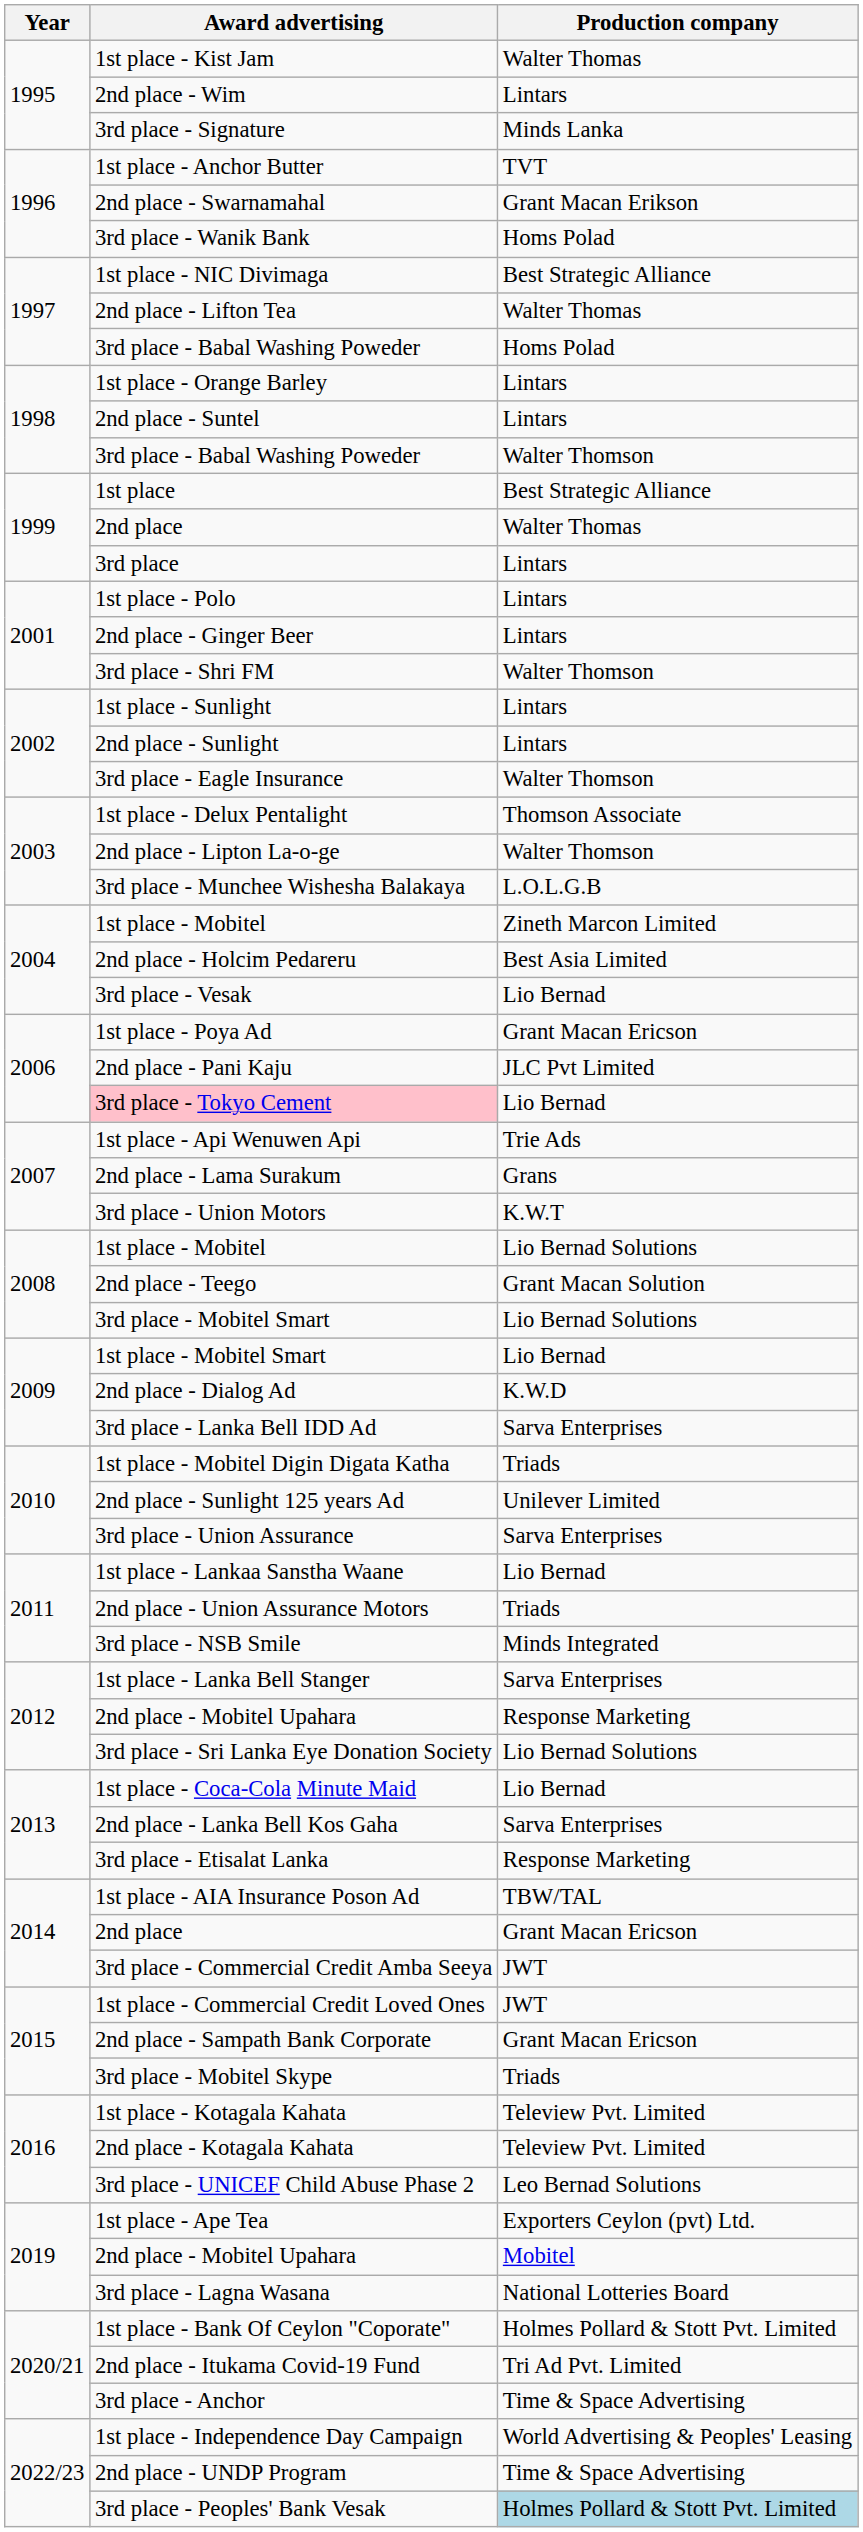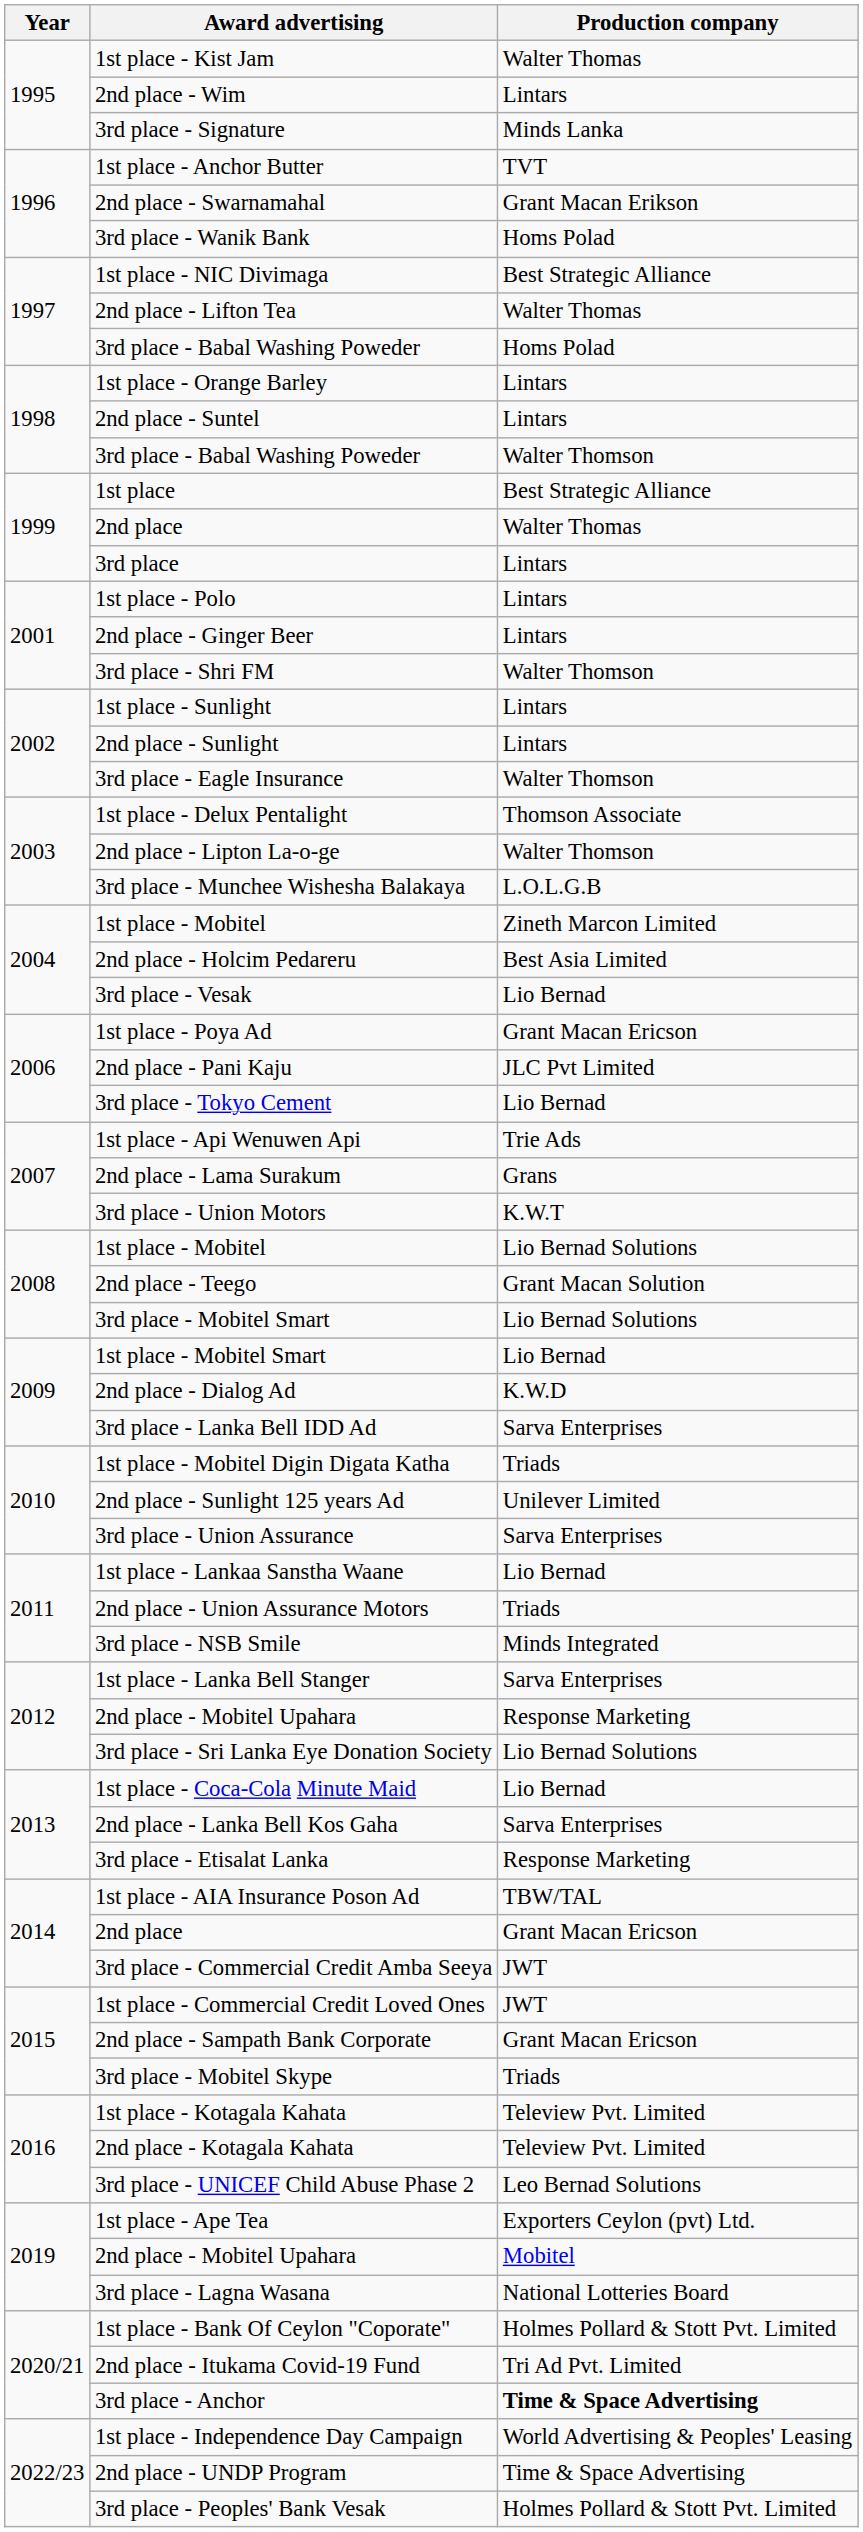 <table class="wikitable">
 <tr>
 <th>Year</th>
 <th>Award advertising</th>
 <th>Production company</th>
 </tr>
 <tr>
 <td rowspan="3">1995</td>
 <td>1st place - Kist Jam</td>
 <td>Walter Thomas</td>
 </tr>
 <tr>
 <td>2nd place - Wim</td>
 <td>Lintars</td>
 </tr>
 <tr>
 <td>3rd place - Signature</td>
 <td>Minds Lanka</td>
 </tr>
 <tr>
 <td rowspan="3">1996</td>
 <td>1st place - Anchor Butter</td>
 <td>TVT</td>
 </tr>
 <tr>
 <td>2nd place - Swarnamahal</td>
 <td>Grant Macan Erikson</td>
 </tr>
 <tr>
 <td>3rd place - Wanik Bank</td>
 <td>Homs Polad</td>
 </tr>
 <tr>
 <td rowspan="3">1997</td>
 <td>1st place - NIC Divimaga</td>
 <td>Best Strategic Alliance</td>
 </tr>
 <tr>
 <td>2nd place - Lifton Tea</td>
 <td>Walter Thomas</td>
 </tr>
 <tr>
 <td>3rd place - Babal Washing Poweder</td>
 <td>Homs Polad</td>
 </tr>
 <tr>
 <td rowspan="3">1998</td>
 <td>1st place - Orange Barley</td>
 <td>Lintars</td>
 </tr>
 <tr>
 <td>2nd place - Suntel</td>
 <td>Lintars</td>
 </tr>
 <tr>
 <td>3rd place - Babal Washing Poweder</td>
 <td>Walter Thomson</td>
 </tr>
 <tr>
 <td rowspan="3">1999</td>
 <td>1st place</td>
 <td>Best Strategic Alliance</td>
 </tr>
 <tr>
 <td>2nd place</td>
 <td>Walter Thomas</td>
 </tr>
 <tr>
 <td>3rd place</td>
 <td>Lintars</td>
 </tr>
 <tr>
 <td rowspan="3">2001</td>
 <td>1st place - Polo</td>
 <td>Lintars</td>
 </tr>
 <tr>
 <td>2nd place - Ginger Beer</td>
 <td>Lintars</td>
 </tr>
 <tr>
 <td>3rd place - Shri FM</td>
 <td>Walter Thomson</td>
 </tr>
 <tr>
 <td rowspan="3">2002</td>
 <td>1st place - Sunlight</td>
 <td>Lintars</td>
 </tr>
 <tr>
 <td>2nd place - Sunlight</td>
 <td>Lintars</td>
 </tr>
 <tr>
 <td>3rd place - Eagle Insurance</td>
 <td>Walter Thomson</td>
 </tr>
 <tr>
 <td rowspan="3">2003</td>
 <td>1st place - Delux Pentalight</td>
 <td>Thomson Associate</td>
 </tr>
 <tr>
 <td>2nd place - Lipton La-o-ge</td>
 <td>Walter Thomson</td>
 </tr>
 <tr>
 <td>3rd place - Munchee Wishesha Balakaya</td>
 <td>L.O.L.G.B</td>
 </tr>
 <tr>
 <td rowspan="3">2004</td>
 <td>1st place - Mobitel</td>
 <td>Zineth Marcon Limited</td>
 </tr>
 <tr>
 <td>2nd place - Holcim Pedareru</td>
 <td>Best Asia Limited</td>
 </tr>
 <tr>
 <td>3rd place - Vesak</td>
 <td>Lio Bernad</td>
 </tr>
 <tr>
 <td rowspan="3">2006</td>
 <td>1st place - Poya Ad</td>
 <td>Grant Macan Ericson</td>
 </tr>
 <tr>
 <td>2nd place - Pani Kaju</td>
 <td>JLC Pvt Limited</td>
 </tr>
 <tr>
-<td style="background: pink;">3rd place - <a href='#'>Tokyo Cement</a></td>
+<td>3rd place - <a href='#'>Tokyo Cement</a></td>
 <td>Lio Bernad</td>
 </tr>
 <tr>
 <td rowspan="3">2007</td>
 <td>1st place - Api Wenuwen Api</td>
 <td>Trie Ads</td>
 </tr>
 <tr>
 <td>2nd place - Lama Surakum</td>
 <td>Grans</td>
 </tr>
 <tr>
 <td>3rd place - Union Motors</td>
 <td>K.W.T</td>
 </tr>
 <tr>
 <td rowspan="3">2008</td>
 <td>1st place - Mobitel</td>
 <td>Lio Bernad Solutions</td>
 </tr>
 <tr>
 <td>2nd place - Teego</td>
 <td>Grant Macan Solution</td>
 </tr>
 <tr>
 <td>3rd place - Mobitel Smart</td>
 <td>Lio Bernad Solutions</td>
 </tr>
 <tr>
 <td rowspan="3">2009</td>
 <td>1st place - Mobitel Smart</td>
 <td>Lio Bernad</td>
 </tr>
 <tr>
 <td>2nd place - Dialog Ad</td>
 <td>K.W.D</td>
 </tr>
 <tr>
 <td>3rd place - Lanka Bell IDD Ad</td>
 <td>Sarva Enterprises</td>
 </tr>
 <tr>
 <td rowspan="3">2010</td>
 <td>1st place - Mobitel Digin Digata Katha</td>
 <td>Triads</td>
 </tr>
 <tr>
 <td>2nd place - Sunlight 125 years Ad</td>
 <td>Unilever Limited</td>
 </tr>
 <tr>
 <td>3rd place - Union Assurance</td>
 <td>Sarva Enterprises</td>
 </tr>
 <tr>
 <td rowspan="3">2011</td>
 <td>1st place - Lankaa Sanstha Waane</td>
 <td>Lio Bernad</td>
 </tr>
 <tr>
 <td>2nd place - Union Assurance Motors</td>
 <td>Triads</td>
 </tr>
 <tr>
 <td>3rd place - NSB Smile</td>
 <td>Minds Integrated</td>
 </tr>
 <tr>
 <td rowspan="3">2012</td>
 <td>1st place - Lanka Bell Stanger</td>
 <td>Sarva Enterprises</td>
 </tr>
 <tr>
 <td>2nd place - Mobitel Upahara</td>
 <td>Response Marketing</td>
 </tr>
 <tr>
 <td>3rd place - Sri Lanka Eye Donation Society</td>
 <td>Lio Bernad Solutions</td>
 </tr>
 <tr>
 <td rowspan="3">2013</td>
 <td>1st place - <a href='#'>Coca-Cola</a> <a href='#'>Minute Maid</a></td>
 <td>Lio Bernad</td>
 </tr>
 <tr>
 <td>2nd place - Lanka Bell Kos Gaha</td>
 <td>Sarva Enterprises</td>
 </tr>
 <tr>
 <td>3rd place - Etisalat Lanka</td>
 <td>Response Marketing</td>
 </tr>
 <tr>
 <td rowspan="3">2014</td>
 <td>1st place - AIA Insurance Poson Ad</td>
 <td>TBW/TAL</td>
 </tr>
 <tr>
 <td>2nd place</td>
 <td>Grant Macan Ericson</td>
 </tr>
 <tr>
 <td>3rd place - Commercial Credit Amba Seeya</td>
 <td>JWT</td>
 </tr>
 <tr>
 <td rowspan="3">2015</td>
 <td>1st place - Commercial Credit Loved Ones</td>
 <td>JWT</td>
 </tr>
 <tr>
 <td>2nd place - Sampath Bank Corporate</td>
 <td>Grant Macan Ericson</td>
 </tr>
 <tr>
 <td>3rd place - Mobitel Skype</td>
 <td>Triads</td>
 </tr>
 <tr>
 <td rowspan="3">2016</td>
 <td>1st place - Kotagala Kahata</td>
 <td>Teleview Pvt. Limited</td>
 </tr>
 <tr>
 <td>2nd place - Kotagala Kahata</td>
 <td>Teleview Pvt. Limited</td>
 </tr>
 <tr>
 <td>3rd place - <a href='#'>UNICEF</a> Child Abuse Phase 2</td>
 <td>Leo Bernad Solutions</td>
 </tr>
 <tr>
 <td rowspan="3">2019</td>
 <td>1st place - Ape Tea</td>
 <td>Exporters Ceylon (pvt) Ltd.</td>
 </tr>
 <tr>
 <td>2nd place - Mobitel Upahara</td>
 <td><a href='#'>Mobitel</a></td>
 </tr>
 <tr>
 <td>3rd place - Lagna Wasana</td>
 <td>National Lotteries Board</td>
 </tr>
 <tr>
 <td rowspan="3">2020/21</td>
 <td>1st place - Bank Of Ceylon "Coporate"</td>
 <td>Holmes Pollard & Stott Pvt. Limited</td>
 </tr>
 <tr>
 <td>2nd place - Itukama Covid-19 Fund</td>
 <td>Tri Ad Pvt. Limited</td>
 </tr>
 <tr>
 <td>3rd place - Anchor</td>
-<td>Time & Space Advertising</td>
+<td><strong>Time & Space Advertising</strong></td>
 </tr>
 <tr>
 <td rowspan="3">2022/23</td>
 <td>1st place - Independence Day Campaign</td>
 <td>World Advertising & Peoples' Leasing</td>
 </tr>
 <tr>
 <td>2nd place - UNDP Program</td>
 <td>Time & Space Advertising</td>
 </tr>
 <tr>
 <td>3rd place - Peoples' Bank Vesak</td>
-<td style="background: lightblue;">Holmes Pollard & Stott Pvt. Limited</td>
+<td>Holmes Pollard & Stott Pvt. Limited</td>
 </tr>
 </table>
